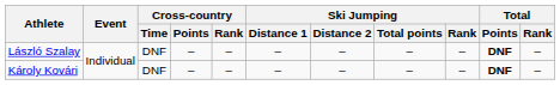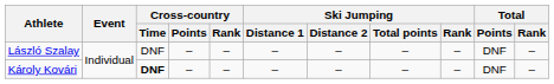 <table class="wikitable" style="font-size:90%">
 <tr>
 <th rowspan="2">Athlete</th>
 <th rowspan="2">Event</th>
 <th colspan="3">Cross-country</th>
 <th colspan="4">Ski Jumping</th>
 <th colspan="2">Total</th>
 </tr>
 <tr>
 <th>Time</th>
 <th>Points</th>
 <th>Rank</th>
 <th>Distance 1</th>
 <th>Distance 2</th>
 <th>Total points</th>
 <th>Rank</th>
 <th>Points</th>
 <th>Rank</th>
 </tr>
 <tr>
 <td><a href='#'>László Szalay</a></td>
 <td rowspan="2">Individual</td>
 <td align="center">DNF</td>
 <td align="center">–</td>
 <td align="center">–</td>
 <td align="center">–</td>
 <td align="center">–</td>
 <td align="center">–</td>
 <td align="center">–</td>
-<td align="center"><strong>DNF</strong></td>
+<td align="center">DNF</td>
 <td align="center">–</td>
 </tr>
 <tr>
 <td><a href='#'>Károly Kovári</a></td>
-<td align="center">DNF</td>
+<td align="center"><strong>DNF</strong></td>
 <td align="center">–</td>
 <td align="center">–</td>
 <td align="center">–</td>
 <td align="center">–</td>
 <td align="center">–</td>
 <td align="center">–</td>
-<td align="center"><strong>DNF</strong></td>
+<td align="center">DNF</td>
 <td align="center">–</td>
 </tr>
 </table>
